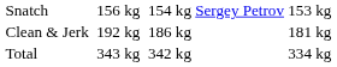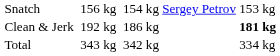 <table>
 <tr>
 <td>Snatch</td>
 <td></td>
 <td>156 kg</td>
 <td></td>
 <td>154 kg</td>
 <td> <a href='#'>Sergey Petrov</a> </td>
 <td>153 kg</td>
 </tr>
 <tr>
 <td>Clean & Jerk</td>
 <td></td>
 <td>192 kg</td>
 <td></td>
 <td>186 kg</td>
 <td></td>
-<td>181 kg</td>
+<td><strong>181 kg</strong></td>
 </tr>
 <tr>
 <td>Total</td>
 <td></td>
 <td>343 kg</td>
 <td></td>
 <td>342 kg</td>
 <td></td>
 <td>334 kg</td>
 </tr>
 </table>
